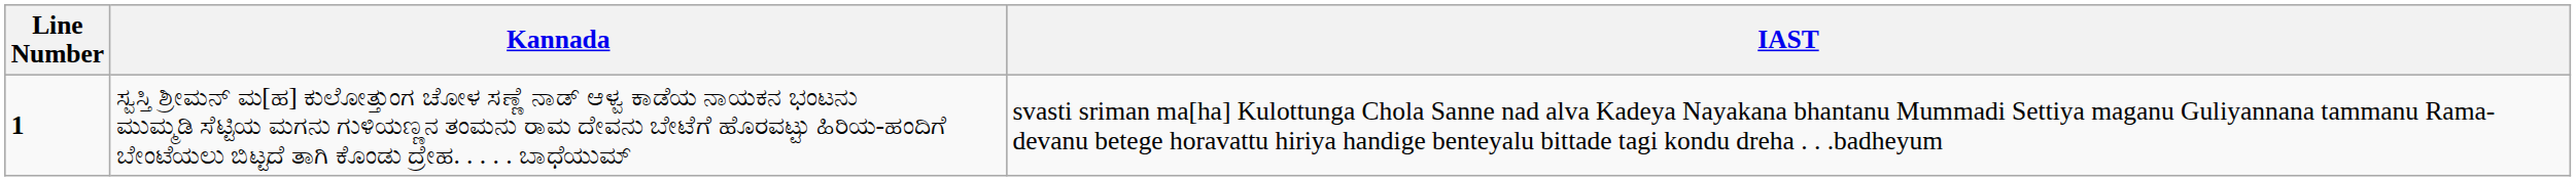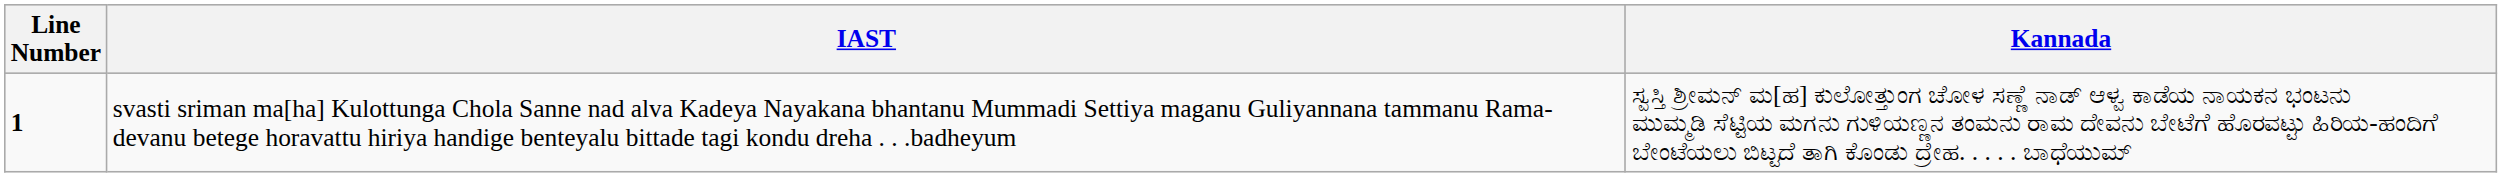 <table class="wikitable">
 <tr>
 <th>Line<br>Number</th>
+<th><a href='#'>IAST</a></th>
 <th><a href='#'>Kannada</a></th>
-<th><a href='#'>IAST</a></th>
 </tr>
 <tr>
 <td><strong>1</strong></td>
+<td>svasti sriman ma[ha] Kulottunga Chola Sanne nad alva Kadeya Nayakana bhantanu Mummadi Settiya maganu Guliyannana tammanu Rama-devanu betege horavattu hiriya handige benteyalu bittade tagi kondu dreha . . .badheyum</td>
 <td>ಸ್ವಸ್ತಿ ಶ್ರೀಮನ್ ಮ[ಹ] ಕುಲೋತ್ತುಂಗ ಚೋಳ ಸಣ್ಣೆ ನಾಡ್ ಆಳ್ವ ಕಾಡೆಯ ನಾಯಕನ ಭಂಟನು<br>ಮುಮ್ಮಡಿ ಸೆಟ್ಟಿಯ ಮಗನು ಗುಳಿಯಣ್ಣನ ತಂಮನು ರಾಮ ದೇವನು  ಬೇಟೆಗೆ ಹೊರವಟ್ಟು ಹಿರಿಯ-ಹಂದಿಗೆ ಬೇಂಟೆಯಲು ಬಿಟ್ಟದೆ ತಾಗಿ ಕೊಂಡು ದ್ರೇಹ. . . . . ಬಾಧೆಯುಮ್</td>
-<td>svasti sriman ma[ha] Kulottunga Chola Sanne nad alva Kadeya Nayakana bhantanu Mummadi Settiya maganu Guliyannana tammanu Rama-devanu betege horavattu hiriya handige benteyalu bittade tagi kondu dreha . . .badheyum</td>
 </tr>
 </table>
